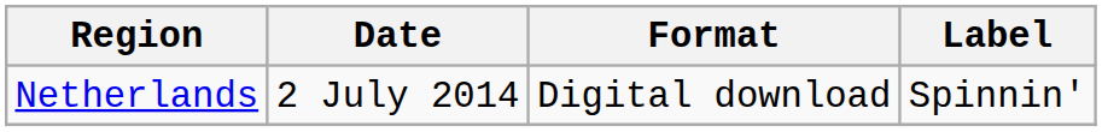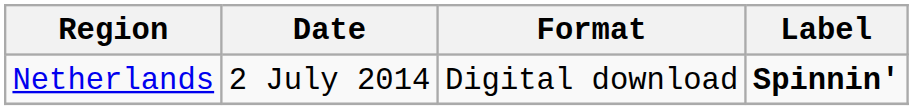 <table class = wikitable>
 <tr>
 <th>Region</th>
 <th>Date</th>
 <th>Format</th>
 <th>Label</th>
 </tr>
 <tr>
 <td><a href='#'>Netherlands</a></td>
 <td>2 July 2014</td>
 <td>Digital download</td>
-<td>Spinnin'</td>
+<td><strong>Spinnin'</strong></td>
 </tr>
 <tr>
 </tr>
 </table>
